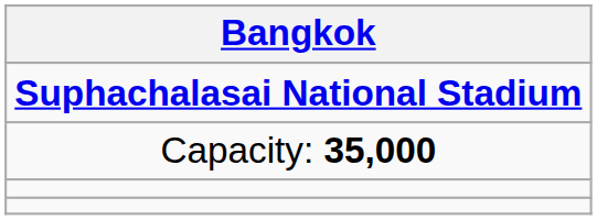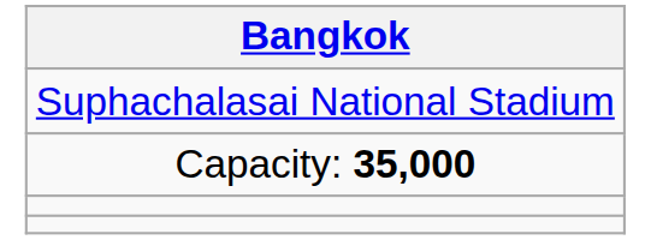 <table class="wikitable" style="text-align:center;margin: auto">
 <tr>
 <th><a href='#'>Bangkok</a></th>
 </tr>
 <tr>
-<td><strong><a href='#'>Suphachalasai National Stadium</a></strong></td>
+<td><a href='#'>Suphachalasai National Stadium</a></td>
 </tr>
 <tr>
 <td>Capacity: <strong>35,000</strong></td>
 </tr>
 <tr>
 <td></td>
 </tr>
 <tr>
 <td></td>
 </tr>
 </table>
